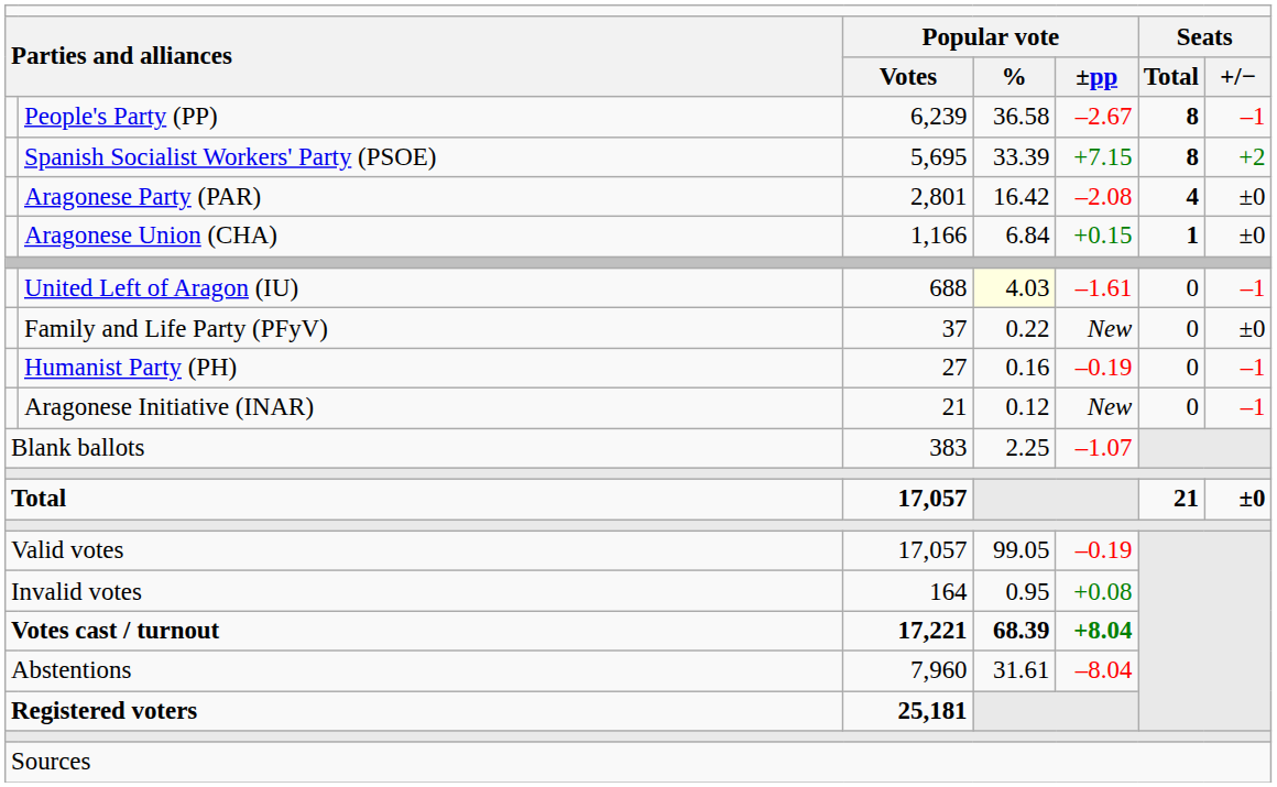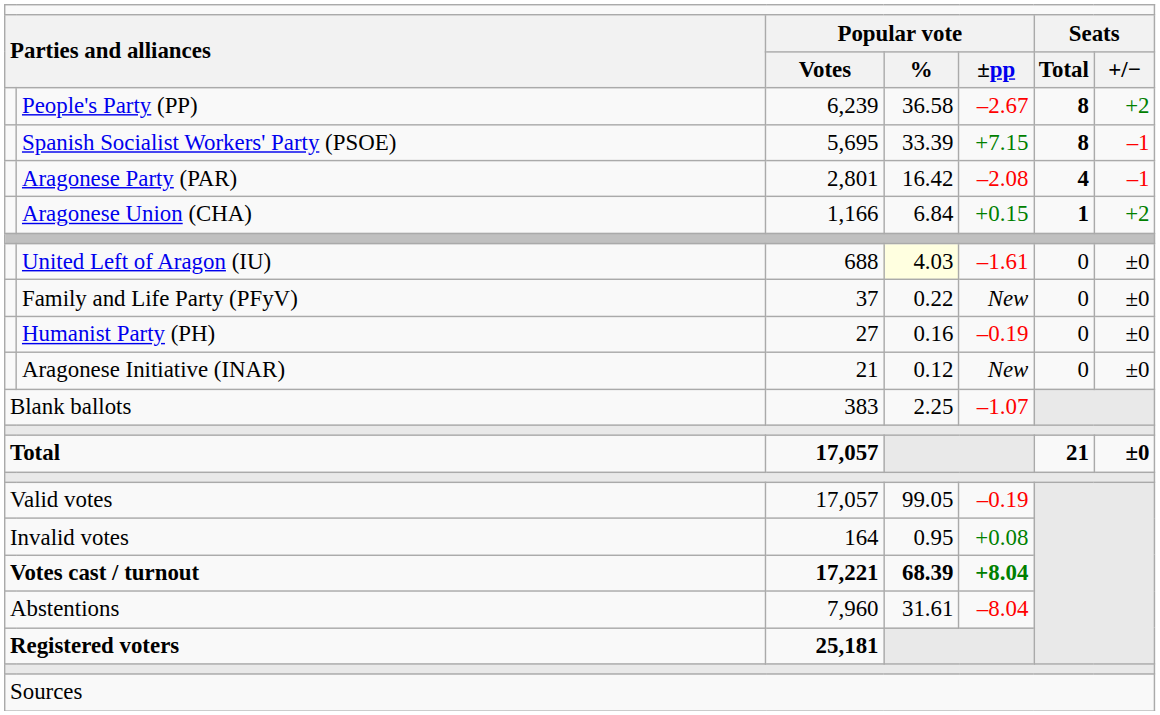 <table class="wikitable" style="text-align:right;">
 <tr>
 <td colspan="7"></td>
 </tr>
 <tr>
 <th style="text-align:left;" rowspan="2" colspan="2" width="525">Parties and alliances</th>
 <th colspan="3">Popular vote</th>
 <th colspan="2">Seats</th>
 </tr>
 <tr>
 <th width="75">Votes</th>
 <th width="45">%</th>
 <th width="45">±<a href='#'>pp</a></th>
 <th width="35">Total</th>
 <th width="35">+/−</th>
 </tr>
 <tr>
 <td width="1" style="color:inherit;background:"></td>
 <td align="left"><a href='#'>People's Party</a> (PP)</td>
 <td>6,239</td>
 <td>36.58</td>
 <td style="color:red;">–2.67</td>
 <td><strong>8</strong></td>
-<td style="color:red;">–1</td>
+<td style="color:green;">+2</td>
 </tr>
 <tr>
 <td style="color:inherit;background:"></td>
 <td align="left"><a href='#'>Spanish Socialist Workers' Party</a> (PSOE)</td>
 <td>5,695</td>
 <td>33.39</td>
 <td style="color:green;">+7.15</td>
 <td><strong>8</strong></td>
-<td style="color:green;">+2</td>
+<td style="color:red;">–1</td>
 </tr>
 <tr>
 <td style="color:inherit;background:"></td>
 <td align="left"><a href='#'>Aragonese Party</a> (PAR)</td>
 <td>2,801</td>
 <td>16.42</td>
 <td style="color:red;">–2.08</td>
 <td><strong>4</strong></td>
-<td>±0</td>
+<td style="color:red;">–1</td>
 </tr>
 <tr>
 <td style="color:inherit;background:"></td>
 <td align="left"><a href='#'>Aragonese Union</a> (CHA)</td>
 <td>1,166</td>
 <td>6.84</td>
 <td style="color:green;">+0.15</td>
 <td><strong>1</strong></td>
-<td>±0</td>
+<td style="color:green;">+2</td>
 </tr>
 <tr>
 <td colspan="7" bgcolor="#C0C0C0"></td>
 </tr>
 <tr>
 <td style="color:inherit;background:"></td>
 <td align="left"><a href='#'>United Left of Aragon</a> (IU)</td>
 <td>688</td>
 <td style="background: lightyellow;">4.03</td>
 <td style="color:red;">–1.61</td>
 <td>0</td>
-<td style="color:red;">–1</td>
+<td>±0</td>
 </tr>
 <tr>
 <td style="color:inherit;background:"></td>
 <td align="left">Family and Life Party (PFyV)</td>
 <td>37</td>
 <td>0.22</td>
 <td><em>New</em></td>
 <td>0</td>
 <td>±0</td>
 </tr>
 <tr>
 <td style="color:inherit;background:"></td>
 <td align="left"><a href='#'>Humanist Party</a> (PH)</td>
 <td>27</td>
 <td>0.16</td>
 <td style="color:red;">–0.19</td>
 <td>0</td>
-<td style="color:red;">–1</td>
+<td>±0</td>
 </tr>
 <tr>
 <td style="color:inherit;background:"></td>
 <td align="left">Aragonese Initiative (INAR)</td>
 <td>21</td>
 <td>0.12</td>
 <td><em>New</em></td>
 <td>0</td>
-<td style="color:red;">–1</td>
+<td>±0</td>
 </tr>
 <tr>
 <td align="left" colspan="2">Blank ballots</td>
 <td>383</td>
 <td>2.25</td>
 <td style="color:red;">–1.07</td>
 <td bgcolor="#E9E9E9" colspan="2"></td>
 </tr>
 <tr>
 <td colspan="7" bgcolor="#E9E9E9"></td>
 </tr>
 <tr style="font-weight:bold;">
 <td align="left" colspan="2">Total</td>
 <td>17,057</td>
 <td bgcolor="#E9E9E9" colspan="2"></td>
 <td>21</td>
 <td>±0</td>
 </tr>
 <tr>
 <td colspan="7" bgcolor="#E9E9E9"></td>
 </tr>
 <tr>
 <td align="left" colspan="2">Valid votes</td>
 <td>17,057</td>
 <td>99.05</td>
 <td style="color:red;">–0.19</td>
 <td bgcolor="#E9E9E9" colspan="2" rowspan="5"></td>
 </tr>
 <tr>
 <td align="left" colspan="2">Invalid votes</td>
 <td>164</td>
 <td>0.95</td>
 <td style="color:green;">+0.08</td>
 </tr>
 <tr style="font-weight:bold;">
 <td align="left" colspan="2">Votes cast / turnout</td>
 <td>17,221</td>
 <td>68.39</td>
 <td style="color:green;">+8.04</td>
 </tr>
 <tr>
 <td align="left" colspan="2">Abstentions</td>
 <td>7,960</td>
 <td>31.61</td>
 <td style="color:red;">–8.04</td>
 </tr>
 <tr style="font-weight:bold;">
 <td align="left" colspan="2">Registered voters</td>
 <td>25,181</td>
 <td bgcolor="#E9E9E9" colspan="2"></td>
 </tr>
 <tr>
 <td colspan="7" bgcolor="#E9E9E9"></td>
 </tr>
 <tr>
 <td align="left" colspan="7">Sources</td>
 </tr>
 </table>
